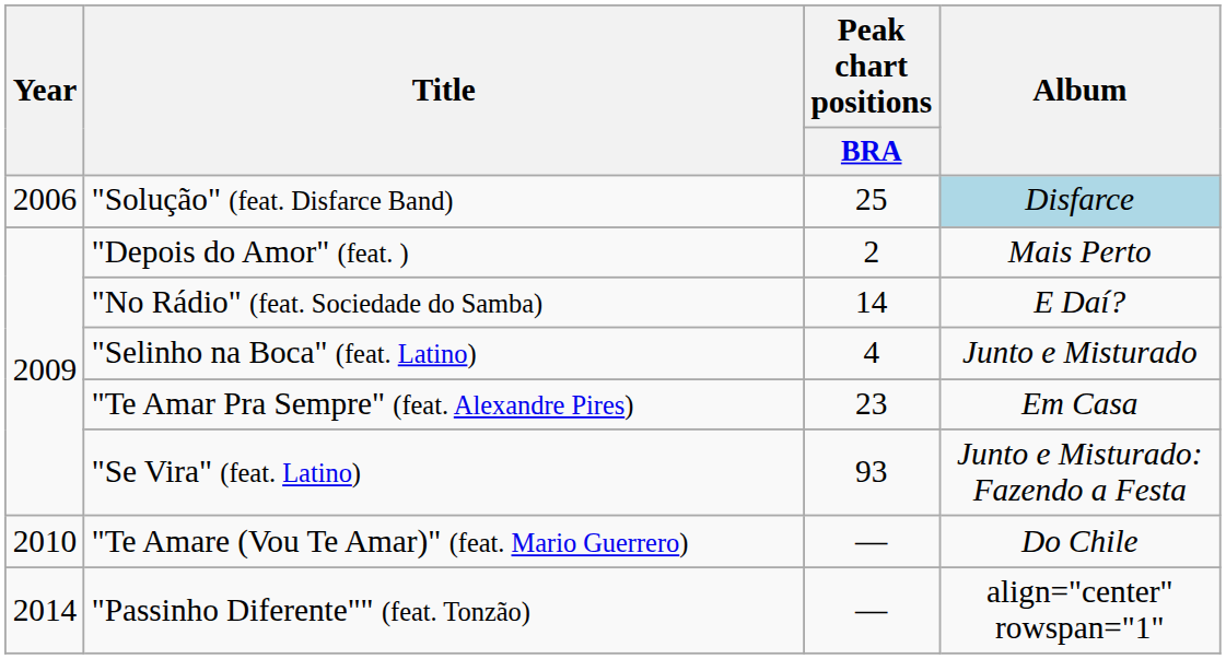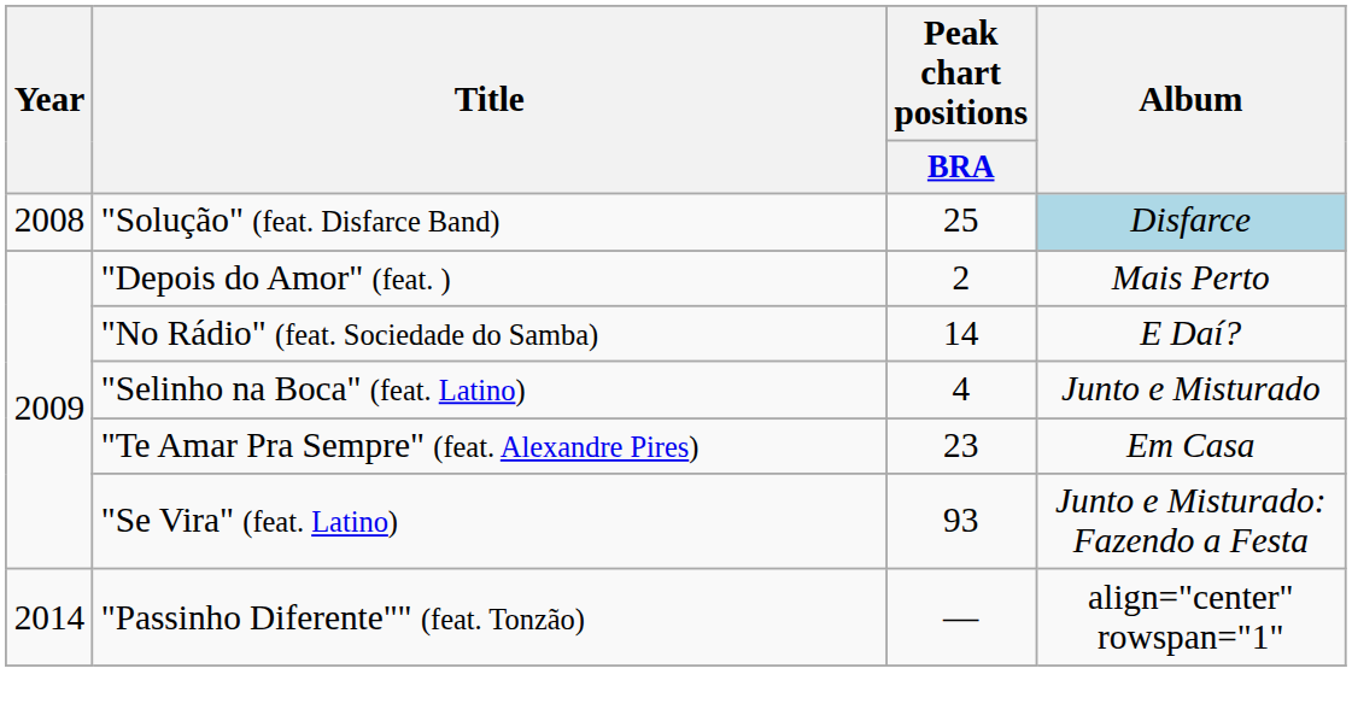 <table class="wikitable plainrowheaders" style="text-align:center;" border="1">
 <tr>
 <th scope="col" rowspan="2">Year</th>
 <th scope="col" rowspan="2" style="width:22em;">Title</th>
 <th scope="col" colspan="1">Peak chart positions</th>
 <th scope="col" rowspan="2">Album</th>
 </tr>
 <tr>
 <th scope="col" style="width:3em;font-size:90%;"><a href='#'>BRA</a></th>
 </tr>
 <tr>
-<td align="center" rowspan="1">2006</td>
+<td align="center" rowspan="1">2008</td>
 <td align="left">"Solução" <small>(feat. Disfarce Band)</small></td>
 <td align="center" rowspan="1">25</td>
 <td align="center" rowspan="1" style="background: lightblue;"><em>Disfarce</em></td>
 </tr>
 <tr>
 <td align="center" rowspan="5">2009</td>
 <td align="left">"Depois do Amor" <small>(feat. )</small></td>
 <td align="center" rowspan="1">2</td>
 <td align="center" rowspan="1"><em>Mais Perto</em></td>
 </tr>
 <tr>
 <td align="left">"No Rádio" <small>(feat. Sociedade do Samba)</small></td>
 <td align="center" rowspan="1">14</td>
 <td align="center" rowspan="1"><em>E Daí?</em></td>
 </tr>
 <tr>
 <td align="left">"Selinho na Boca" <small>(feat. <a href='#'>Latino</a>)</small></td>
 <td align="center" rowspan="1">4</td>
 <td align="center" rowspan="1"><em>Junto e Misturado</em></td>
 </tr>
 <tr>
 <td align="left">"Te Amar Pra Sempre" <small>(feat. <a href='#'>Alexandre Pires</a>)</small></td>
 <td align="center" rowspan="1">23</td>
 <td align="center" rowspan="1"><em>Em Casa</em></td>
 </tr>
 <tr>
 <td align="left">"Se Vira" <small>(feat. <a href='#'>Latino</a>)</small></td>
 <td align="center" rowspan="1">93</td>
 <td align="center" rowspan="1"><em>Junto e Misturado: Fazendo a Festa</em></td>
 </tr>
 <tr>
-<td align="center" rowspan="1">2010</td>
-<td align="left">"Te Amare (Vou Te Amar)" <small>(feat. <a href='#'>Mario Guerrero</a>)</small></td>
-<td align="center" rowspan="1">—</td>
-<td align="center" rowspan="1"><em>Do Chile</em></td>
-</tr>
-<tr>
 <td align="center" rowspan="1">2014</td>
 <td align="left">"Passinho Diferente"" <small>(feat. Tonzão)</small></td>
 <td align="center" rowspan="1">—</td>
 <td>align="center" rowspan="1" </td>
 </tr>
 </table>
